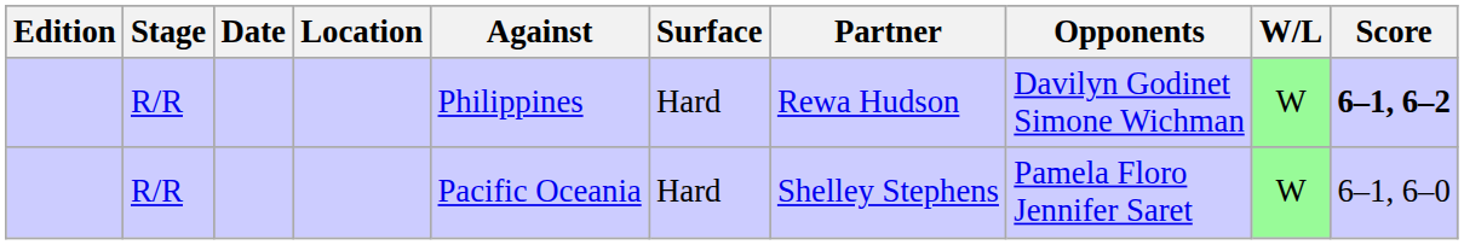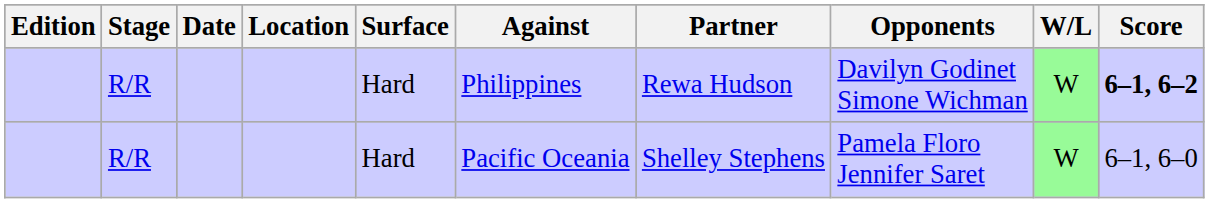 <table class=wikitable style=font-size:97%>
 <tr>
 <th>Edition</th>
 <th>Stage</th>
 <th>Date</th>
 <th>Location</th>
+<th>Surface</th>
 <th>Against</th>
-<th>Surface</th>
 <th>Partner</th>
 <th>Opponents</th>
 <th>W/L</th>
 <th>Score</th>
 </tr>
 <tr style="background:#ccccff;">
 <td rowspan="1"></td>
 <td rowspan="1"><a href='#'>R/R</a></td>
 <td></td>
 <td rowspan="1"></td>
+<td rowspan="1">Hard</td>
 <td> <a href='#'>Philippines</a></td>
-<td rowspan="1">Hard</td>
 <td> <a href='#'>Rewa Hudson</a></td>
 <td><a href='#'>Davilyn Godinet</a> <br> <a href='#'>Simone Wichman</a></td>
 <td style="text-align:center; background:#98fb98;">W</td>
 <td><strong>6–1, 6–2</strong></td>
 </tr>
 <tr style="background:#ccccff;">
 <td rowspan="1"></td>
 <td rowspan="1"><a href='#'>R/R</a></td>
 <td></td>
 <td rowspan="1"></td>
+<td rowspan="1">Hard</td>
 <td> <a href='#'>Pacific Oceania</a></td>
-<td rowspan="1">Hard</td>
 <td> <a href='#'>Shelley Stephens</a></td>
 <td><a href='#'>Pamela Floro</a> <br> <a href='#'>Jennifer Saret</a></td>
 <td style="text-align:center; background:#98fb98;">W</td>
 <td>6–1, 6–0</td>
 </tr>
 </table>
